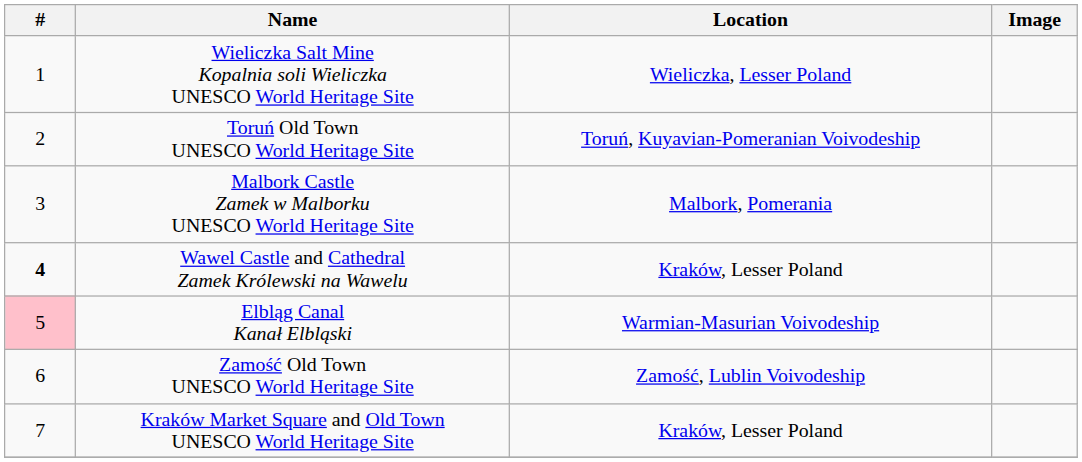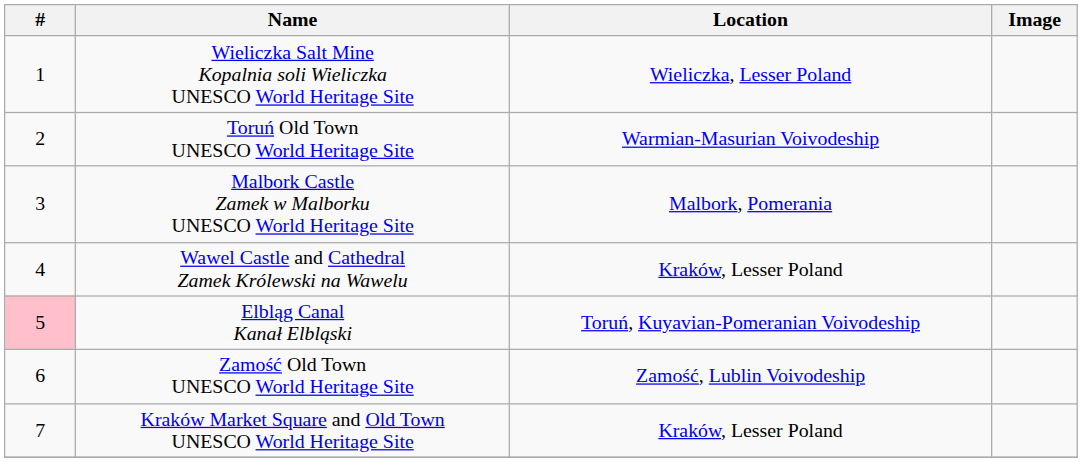 <table class="wikitable" align=center width=98%>
 <tr>
 <th width=50px>#</th>
 <th>Name</th>
 <th>Location</th>
 <th>Image</th>
 </tr>
 <tr align=center>
 <td>1</td>
 <td><a href='#'>Wieliczka Salt Mine</a><br><em>Kopalnia soli Wieliczka</em><br>UNESCO <a href='#'>World Heritage Site</a></td>
 <td><a href='#'>Wieliczka</a>, <a href='#'>Lesser Poland</a></td>
 <td></td>
 </tr>
 <tr align=center>
 <td>2</td>
 <td><a href='#'>Toruń</a> Old Town<br>UNESCO <a href='#'>World Heritage Site</a></td>
-<td><a href='#'>Toruń</a>, <a href='#'>Kuyavian-Pomeranian Voivodeship</a></td>
+<td><a href='#'>Warmian-Masurian Voivodeship</a></td>
 <td></td>
 </tr>
 <tr align=center>
 <td>3</td>
 <td><a href='#'>Malbork Castle</a><br><em>Zamek w Malborku</em><br>UNESCO <a href='#'>World Heritage Site</a></td>
 <td><a href='#'>Malbork</a>, <a href='#'>Pomerania</a></td>
 <td></td>
 </tr>
 <tr align=center>
-<td><strong>4</strong></td>
+<td>4</td>
 <td><a href='#'>Wawel Castle</a> and <a href='#'>Cathedral</a><br><em>Zamek Królewski na Wawelu</em></td>
 <td><a href='#'>Kraków</a>, Lesser Poland</td>
 <td></td>
 </tr>
 <tr align=center>
 <td style="background: pink;">5</td>
 <td><a href='#'>Elbląg Canal</a><br><em>Kanał Elbląski</em></td>
-<td><a href='#'>Warmian-Masurian Voivodeship</a></td>
+<td><a href='#'>Toruń</a>, <a href='#'>Kuyavian-Pomeranian Voivodeship</a></td>
 <td></td>
 </tr>
 <tr align=center>
 <td>6</td>
 <td><a href='#'>Zamość</a> Old Town<br>UNESCO <a href='#'>World Heritage Site</a></td>
 <td><a href='#'>Zamość</a>, <a href='#'>Lublin Voivodeship</a></td>
 <td></td>
 </tr>
 <tr align=center>
 <td>7</td>
 <td><a href='#'>Kraków Market Square</a> and <a href='#'>Old Town</a><br>UNESCO <a href='#'>World Heritage Site</a></td>
 <td><a href='#'>Kraków</a>, Lesser Poland</td>
 <td></td>
 </tr>
 <tr>
 </tr>
 </table>
